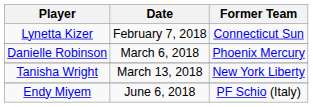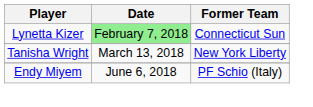 <table class="wikitable sortable sortable">
 <tr>
 <th>Player</th>
 <th>Date</th>
 <th>Former Team</th>
 </tr>
 <tr style="text-align: center">
 <td><a href='#'>Lynetta Kizer</a></td>
-<td>February 7, 2018</td>
+<td style="background: lightgreen;">February 7, 2018</td>
 <td><a href='#'>Connecticut Sun</a></td>
 </tr>
 <tr>
 </tr>
 <tr>
-</tr>
-<tr style="text-align: center">
-<td><a href='#'>Danielle Robinson</a></td>
-<td>March 6, 2018</td>
-<td><a href='#'>Phoenix Mercury</a></td>
 </tr>
 <tr>
 </tr>
 <tr style="text-align: center">
 <td><a href='#'>Tanisha Wright</a></td>
 <td>March 13, 2018</td>
 <td><a href='#'>New York Liberty</a></td>
 </tr>
 <tr>
 </tr>
 <tr style="text-align: center">
 <td><a href='#'>Endy Miyem</a></td>
 <td>June 6, 2018</td>
 <td><a href='#'>PF Schio</a> (Italy)</td>
 </tr>
 </table>
